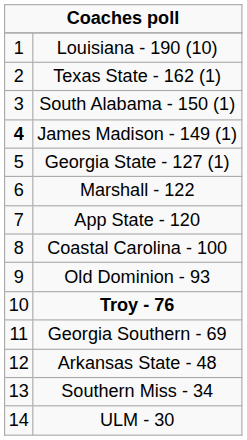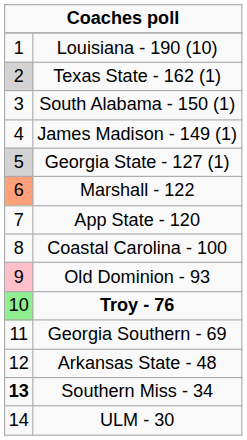 <table class="wikitable" style="display: inline-table;">
 <tr>
 <td align="center" Colspan="3"><strong>Coaches poll</strong></td>
 </tr>
 <tr align="center">
 </tr>
 <tr align="center">
 <td>1</td>
 <td>Louisiana - 190 (10)</td>
 </tr>
 <tr align="center">
-<td>2</td>
+<td style="background: lightgrey;">2</td>
 <td>Texas State - 162 (1)</td>
 </tr>
 <tr align="center">
 <td>3</td>
 <td>South Alabama - 150 (1)</td>
 </tr>
 <tr align="center">
-<td><strong>4</strong></td>
+<td>4</td>
 <td>James Madison - 149 (1)</td>
 </tr>
 <tr align="center">
-<td>5</td>
+<td style="background: lightgrey;">5</td>
 <td>Georgia State - 127 (1)</td>
 </tr>
 <tr align="center">
-<td>6</td>
+<td style="background: lightsalmon;">6</td>
 <td>Marshall - 122</td>
 </tr>
 <tr align="center">
 <td>7</td>
 <td>App State - 120</td>
 </tr>
 <tr align="center">
 <td>8</td>
 <td>Coastal Carolina - 100</td>
 </tr>
 <tr align="center">
-<td>9</td>
+<td style="background: pink;">9</td>
 <td>Old Dominion - 93</td>
 </tr>
 <tr align="center">
-<td>10</td>
+<td style="background: lightgreen;">10</td>
 <td><strong>Troy - 76</strong></td>
 </tr>
 <tr align="center">
 <td>11</td>
 <td>Georgia Southern - 69</td>
 </tr>
 <tr align="center">
 <td>12</td>
 <td>Arkansas State - 48</td>
 </tr>
 <tr align="center">
-<td>13</td>
+<td><strong>13</strong></td>
 <td>Southern Miss - 34</td>
 </tr>
 <tr align="center">
 <td>14</td>
 <td>ULM - 30</td>
 </tr>
 </table>
